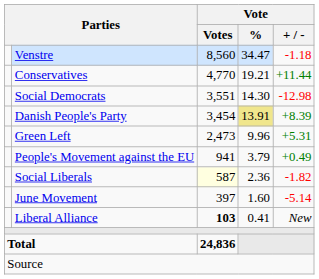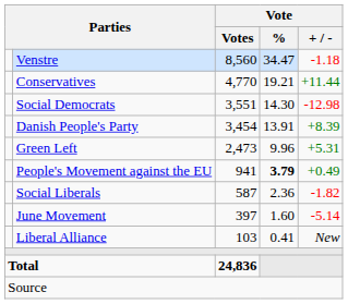 <table class="wikitable" style="text-align:right;">
 <tr>
 <th style="text-align:centre;" rowspan="2" colspan="2" width="225">Parties</th>
 <th colspan="3">Vote</th>
 </tr>
 <tr>
 <th width="15">Votes</th>
 <th width="15">%</th>
 <th width="15">+ / -</th>
 </tr>
 <tr>
 <td width="2" style="color:inherit;background:"></td>
 <td bgcolor=#cfe5fe   align="left"><a href='#'>Venstre</a></td>
 <td bgcolor=#cfe5fe>8,560</td>
 <td bgcolor=#cfe5fe>34.47</td>
 <td style=color:red;>-1.18</td>
 </tr>
 <tr>
 <td width="2" style="color:inherit;background:"></td>
 <td align="left"><a href='#'>Conservatives</a></td>
 <td>4,770</td>
 <td>19.21</td>
 <td style=color:green;>+11.44</td>
 </tr>
 <tr>
 <td width="2" style="color:inherit;background:"></td>
 <td align="left"><a href='#'>Social Democrats</a></td>
 <td>3,551</td>
 <td>14.30</td>
 <td style=color:red;>-12.98</td>
 </tr>
 <tr>
 <td width="2" style="color:inherit;background:"></td>
 <td align="left"><a href='#'>Danish People's Party</a></td>
 <td>3,454</td>
-<td style="background: khaki;">13.91</td>
+<td>13.91</td>
 <td style=color:green;>+8.39</td>
 </tr>
 <tr>
 <td width="2" style="color:inherit;background:"></td>
 <td align="left"><a href='#'>Green Left</a></td>
 <td>2,473</td>
 <td>9.96</td>
 <td style=color:green;>+5.31</td>
 </tr>
 <tr>
 <td width="2" style="color:inherit;background:"></td>
 <td align="left"><a href='#'>People's Movement against the EU</a></td>
 <td>941</td>
-<td>3.79</td>
+<td><strong>3.79</strong></td>
 <td style=color:green;>+0.49</td>
 </tr>
 <tr>
 <td width="2" style="color:inherit;background:"></td>
 <td align="left"><a href='#'>Social Liberals</a></td>
-<td style="background: lightyellow;">587</td>
+<td>587</td>
 <td>2.36</td>
 <td style=color:red;>-1.82</td>
 </tr>
 <tr>
 <td width="2" style="color:inherit;background:"></td>
 <td align="left"><a href='#'>June Movement</a></td>
 <td>397</td>
 <td>1.60</td>
 <td style=color:red;>-5.14</td>
 </tr>
 <tr>
 <td width="2" style="color:inherit;background:"></td>
 <td align="left"><a href='#'>Liberal Alliance</a></td>
-<td><strong>103</strong></td>
+<td>103</td>
 <td>0.41</td>
 <td><em>New</em></td>
 </tr>
 <tr>
 <td colspan="7" bgcolor="#E9E9E9"></td>
 </tr>
 <tr>
 <td align="left" colspan="2"><strong>Total</strong></td>
 <td><strong>24,836</strong></td>
 <td bgcolor="#E9E9E9" colspan="2"></td>
 </tr>
 <tr>
 <td align="left" colspan="6">Source</td>
 </tr>
 </table>
